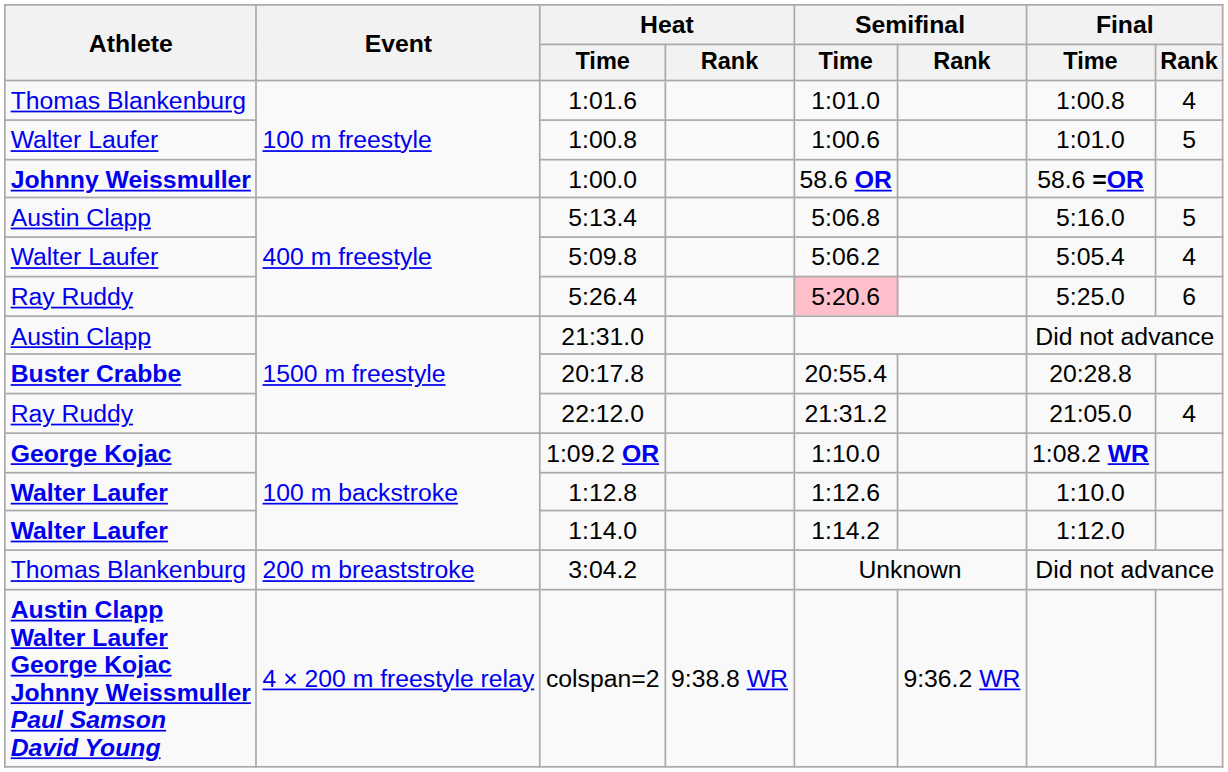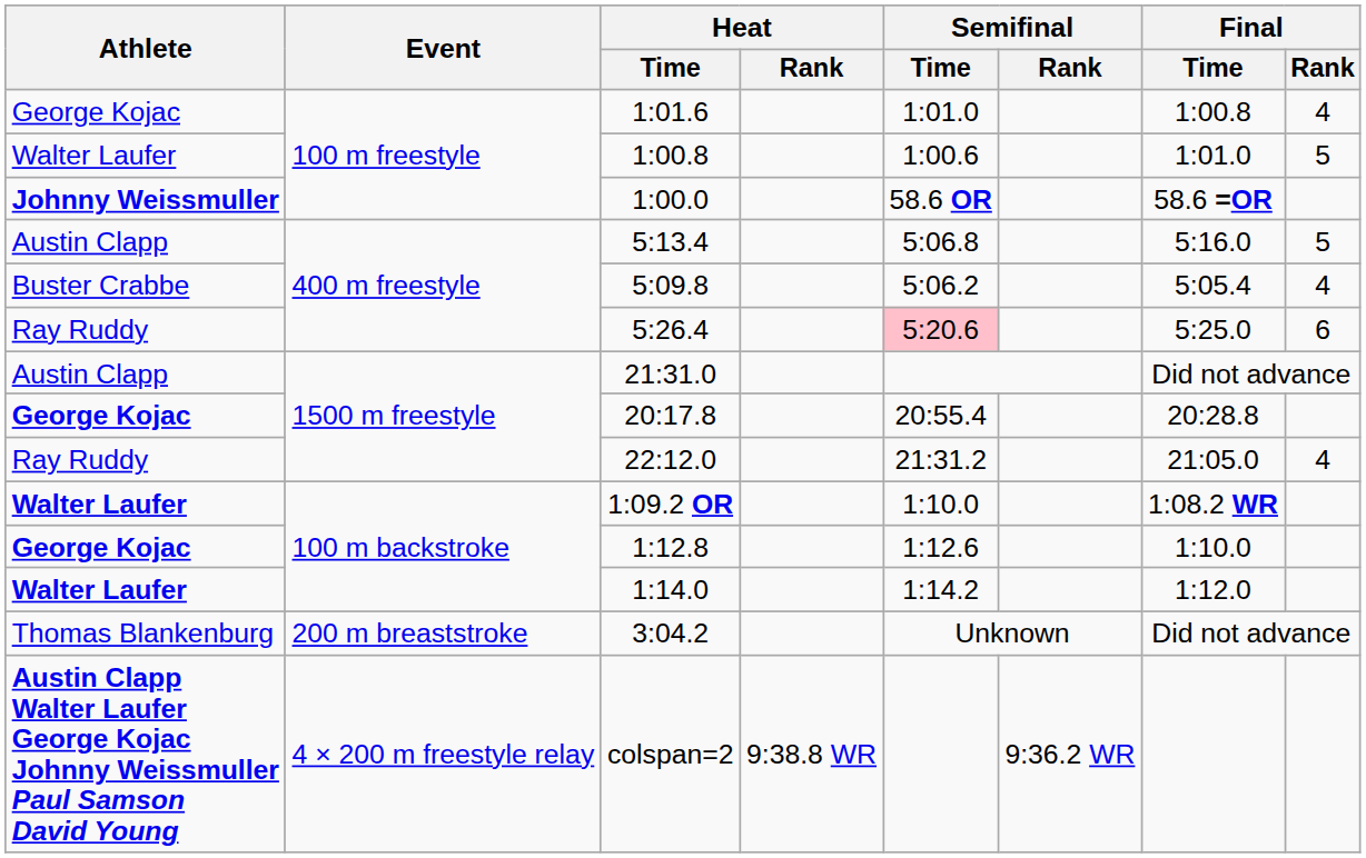 <table class=wikitable style="font-size:90%;">
 <tr>
 <th rowspan=2>Athlete</th>
 <th rowspan=2>Event</th>
 <th colspan=2>Heat</th>
 <th colspan=2>Semifinal</th>
 <th colspan=2>Final</th>
 </tr>
 <tr style="font-size:95%">
 <th>Time</th>
 <th>Rank</th>
 <th>Time</th>
 <th>Rank</th>
 <th>Time</th>
 <th>Rank</th>
 </tr>
 <tr align=center>
-<td align=left><a href='#'>Thomas Blankenburg</a></td>
+<td align=left><a href='#'>George Kojac</a></td>
 <td rowspan=3 align=left><a href='#'>100 m freestyle</a></td>
 <td>1:01.6</td>
 <td></td>
 <td>1:01.0</td>
 <td></td>
 <td>1:00.8</td>
 <td>4</td>
 </tr>
 <tr align=center>
 <td align=left><a href='#'>Walter Laufer</a></td>
 <td>1:00.8</td>
 <td></td>
 <td>1:00.6</td>
 <td></td>
 <td>1:01.0</td>
 <td>5</td>
 </tr>
 <tr align=center>
 <td align=left><strong><a href='#'>Johnny Weissmuller</a></strong></td>
 <td>1:00.0</td>
 <td></td>
 <td>58.6 <strong><a href='#'>OR</a></strong></td>
 <td></td>
 <td>58.6 <strong>=<a href='#'>OR</a></strong></td>
 <td></td>
 </tr>
 <tr align=center>
 <td align=left><a href='#'>Austin Clapp</a></td>
 <td rowspan=3 align=left><a href='#'>400 m freestyle</a></td>
 <td>5:13.4</td>
 <td></td>
 <td>5:06.8</td>
 <td></td>
 <td>5:16.0</td>
 <td>5</td>
 </tr>
 <tr align=center>
-<td align=left><a href='#'>Walter Laufer</a></td>
+<td align=left><a href='#'>Buster Crabbe</a></td>
 <td>5:09.8</td>
 <td></td>
 <td>5:06.2</td>
 <td></td>
 <td>5:05.4</td>
 <td>4</td>
 </tr>
 <tr align=center>
 <td align=left><a href='#'>Ray Ruddy</a></td>
 <td>5:26.4</td>
 <td></td>
 <td style="background: pink;">5:20.6</td>
 <td></td>
 <td>5:25.0</td>
 <td>6</td>
 </tr>
 <tr align=center>
 <td align=left><a href='#'>Austin Clapp</a></td>
 <td rowspan=3 align=left><a href='#'>1500 m freestyle</a></td>
 <td>21:31.0</td>
 <td></td>
 <td colspan=2></td>
 <td colspan=2>Did not advance</td>
 </tr>
 <tr align=center>
-<td align=left><strong><a href='#'>Buster Crabbe</a></strong></td>
+<td align=left><strong><a href='#'>George Kojac</a></strong></td>
 <td>20:17.8</td>
 <td></td>
 <td>20:55.4</td>
 <td></td>
 <td>20:28.8</td>
 <td></td>
 </tr>
 <tr align=center>
 <td align=left><a href='#'>Ray Ruddy</a></td>
 <td>22:12.0</td>
 <td></td>
 <td>21:31.2</td>
 <td></td>
 <td>21:05.0</td>
 <td>4</td>
 </tr>
 <tr align=center>
-<td align=left><strong><a href='#'>George Kojac</a></strong></td>
+<td align=left><strong><a href='#'>Walter Laufer</a></strong></td>
 <td rowspan=3 align=left><a href='#'>100 m backstroke</a></td>
 <td>1:09.2 <strong><a href='#'>OR</a></strong></td>
 <td></td>
 <td>1:10.0</td>
 <td></td>
 <td>1:08.2 <strong><a href='#'>WR</a></strong></td>
 <td></td>
 </tr>
 <tr align=center>
-<td align=left><strong><a href='#'>Walter Laufer</a></strong></td>
+<td align=left><strong><a href='#'>George Kojac</a></strong></td>
 <td>1:12.8</td>
 <td></td>
 <td>1:12.6</td>
 <td></td>
 <td>1:10.0</td>
 <td></td>
 </tr>
 <tr align=center>
 <td align=left><strong><a href='#'>Walter Laufer</a></strong></td>
 <td>1:14.0</td>
 <td></td>
 <td>1:14.2</td>
 <td></td>
 <td>1:12.0</td>
 <td></td>
 </tr>
 <tr align=center>
 <td align=left><a href='#'>Thomas Blankenburg</a></td>
 <td align=left><a href='#'>200 m breaststroke</a></td>
 <td>3:04.2</td>
 <td></td>
 <td colspan=2>Unknown</td>
 <td colspan=2>Did not advance</td>
 </tr>
 <tr align=center>
 <td align=left><strong><a href='#'>Austin Clapp</a><br><a href='#'>Walter Laufer</a><br><a href='#'>George Kojac</a><br><a href='#'>Johnny Weissmuller</a><br><em><a href='#'>Paul Samson</a></em><br><em><a href='#'>David Young</a><strong><em></td>
 <td align=left><a href='#'>4 × 200 m freestyle relay</a></td>
 <td>colspan=2 </td>
 <td>9:38.8 </strong><a href='#'>WR</a><strong></td>
 <td></td>
 <td>9:36.2 </strong><a href='#'>WR</a><strong></td>
 <td></td>
 </tr>
 </table>
